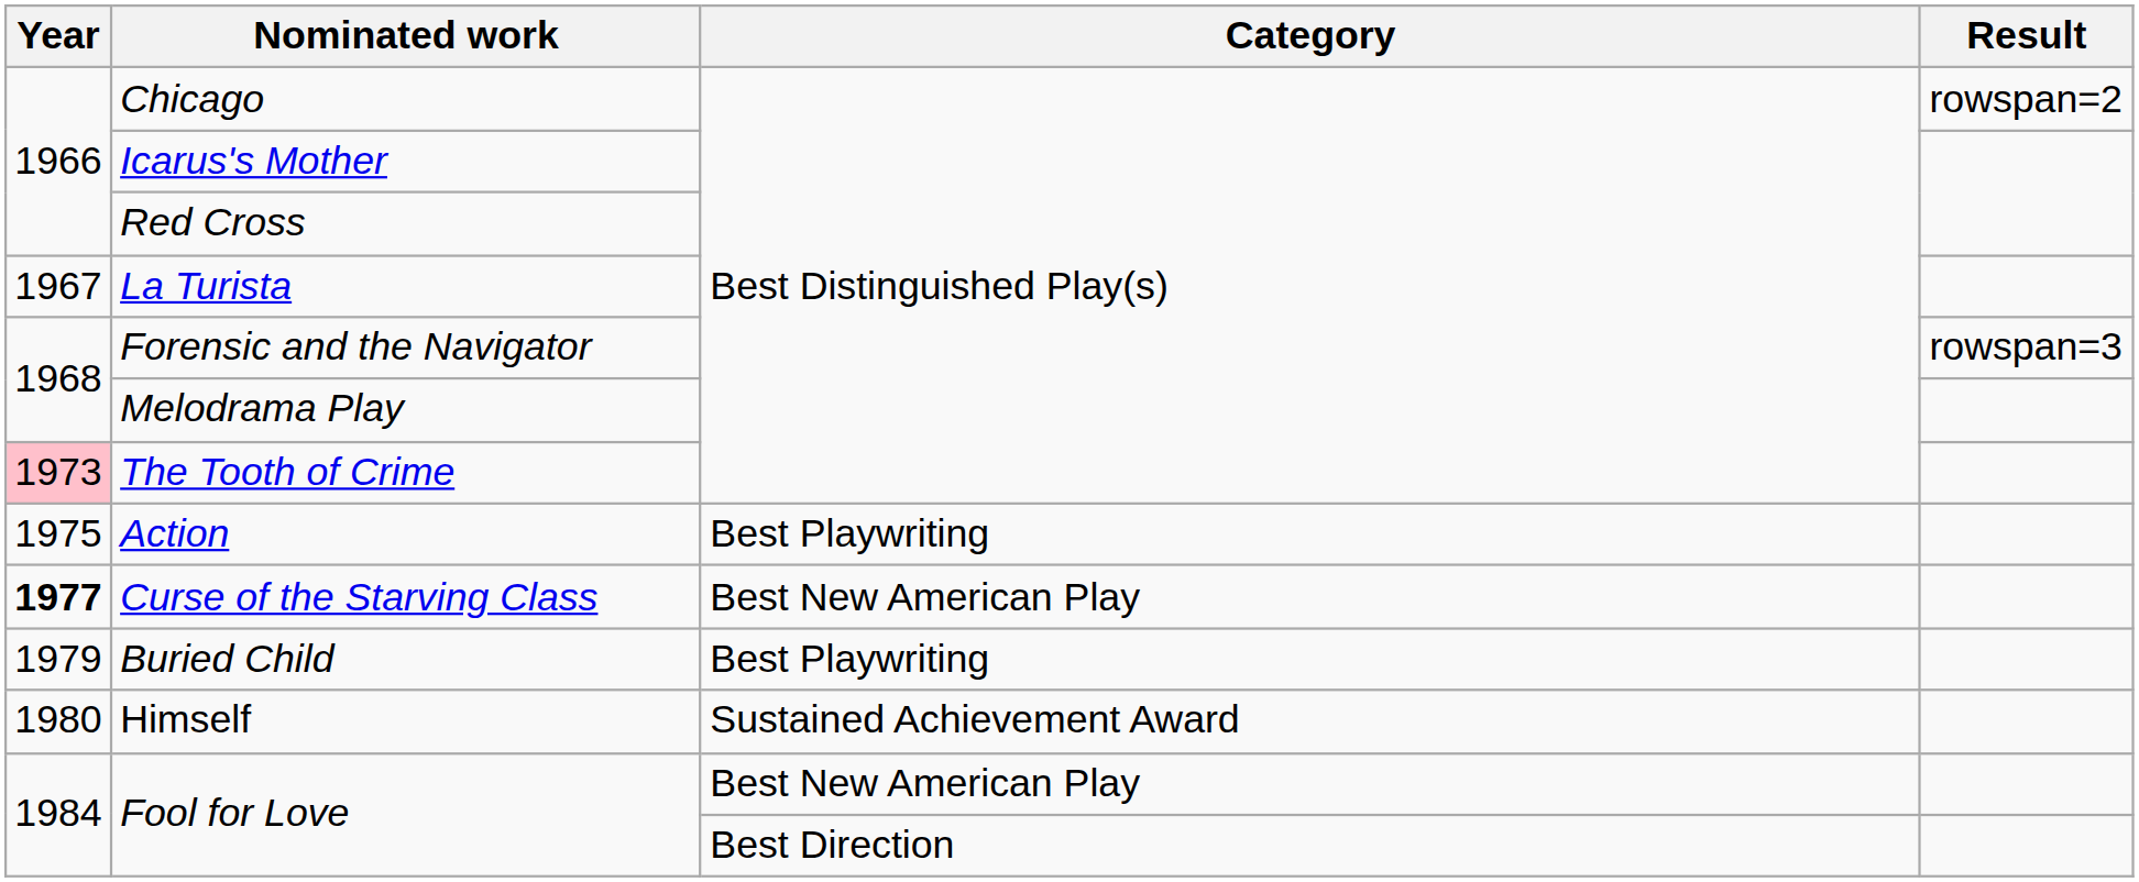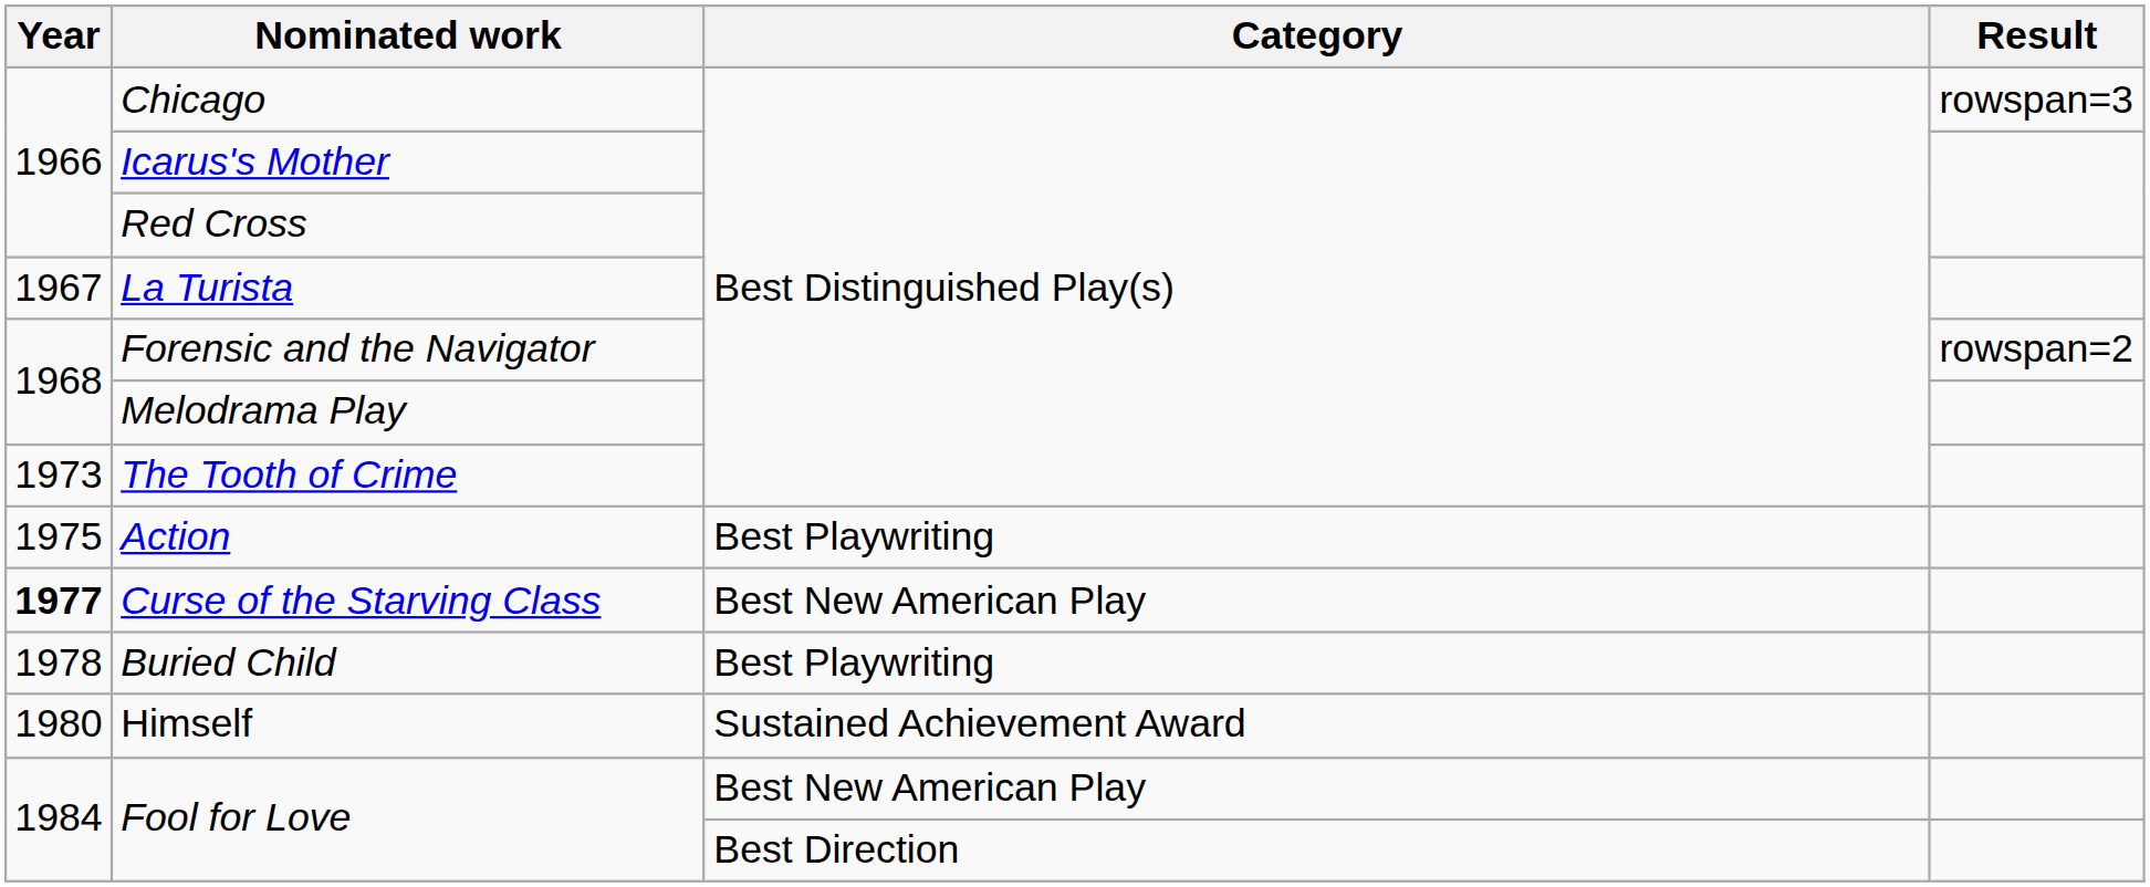 <table class=wikitable>
 <tr>
 <th width=4%>Year</th>
 <th width=28%>Nominated work</th>
 <th width=58%>Category</th>
 <th width=10%>Result</th>
 </tr>
 <tr>
 <td rowspan=3>1966</td>
 <td><em>Chicago</em></td>
 <td rowspan=7>Best Distinguished Play(s)</td>
-<td>rowspan=2 </td>
+<td>rowspan=3 </td>
 </tr>
 <tr>
 <td><em><a href='#'>Icarus's Mother</a></em></td>
 </tr>
 <tr>
 <td><em>Red Cross</em></td>
 </tr>
 <tr>
 <td>1967</td>
 <td><em><a href='#'>La Turista</a></em></td>
 <td></td>
 </tr>
 <tr>
 <td rowspan=2>1968</td>
 <td><em>Forensic and the Navigator</em></td>
-<td>rowspan=3 </td>
+<td>rowspan=2 </td>
 </tr>
 <tr>
 <td><em>Melodrama Play</em></td>
 </tr>
 <tr>
-<td style="background: pink;">1973</td>
+<td>1973</td>
 <td><em><a href='#'>The Tooth of Crime</a></em></td>
 <td></td>
 </tr>
 <tr>
 <td>1975</td>
 <td><em><a href='#'>Action</a></em></td>
 <td>Best Playwriting</td>
 <td></td>
 </tr>
 <tr>
 <td><strong>1977</strong></td>
 <td><em><a href='#'>Curse of the Starving Class</a></em></td>
 <td>Best New American Play</td>
 <td></td>
 </tr>
 <tr>
-<td>1979</td>
+<td>1978</td>
 <td><em>Buried Child</em></td>
 <td>Best Playwriting</td>
 <td></td>
 </tr>
 <tr>
 <td>1980</td>
 <td>Himself</td>
 <td>Sustained Achievement Award</td>
 <td></td>
 </tr>
 <tr>
 <td rowspan=2>1984</td>
 <td rowspan=2><em>Fool for Love</em></td>
 <td>Best New American Play</td>
 <td></td>
 </tr>
 <tr>
 <td>Best Direction</td>
 <td></td>
 </tr>
 </table>
